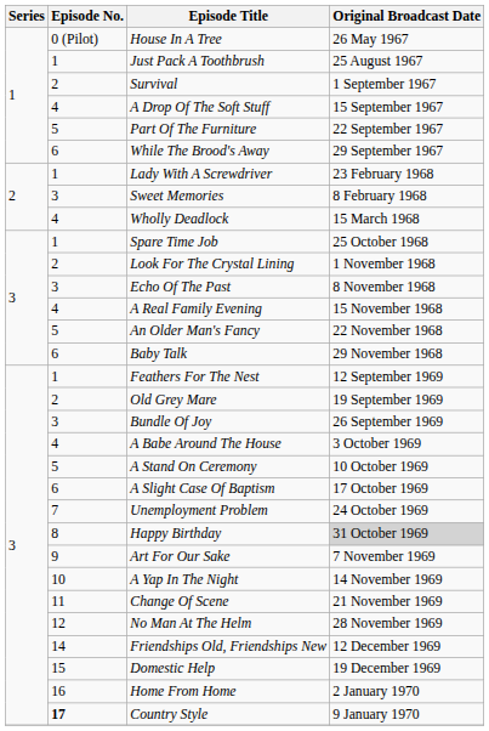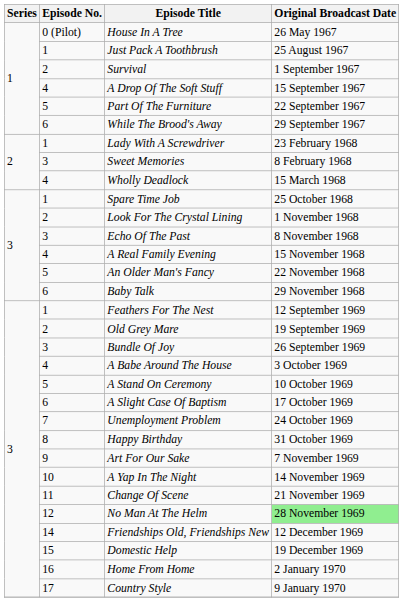 <table class="wikitable">
 <tr>
 <th>Series</th>
 <th>Episode No.</th>
 <th>Episode Title</th>
 <th>Original Broadcast Date</th>
 </tr>
 <tr>
 <td rowspan="6">1</td>
 <td>0 (Pilot)</td>
 <td><em>House In A Tree</em></td>
 <td>26 May 1967</td>
 </tr>
 <tr>
 <td>1</td>
 <td><em>Just Pack A Toothbrush</em></td>
 <td>25 August 1967</td>
 </tr>
 <tr>
 <td>2</td>
 <td><em>Survival</em></td>
 <td>1 September 1967</td>
 </tr>
 <tr>
 <td>4</td>
 <td><em>A Drop Of The Soft Stuff</em></td>
 <td>15 September 1967</td>
 </tr>
 <tr>
 <td>5</td>
 <td><em>Part Of The Furniture</em></td>
 <td>22 September 1967</td>
 </tr>
 <tr>
 <td>6</td>
 <td><em>While The Brood's Away</em></td>
 <td>29 September 1967</td>
 </tr>
 <tr>
 <td rowspan="3">2</td>
 <td>1</td>
 <td><em>Lady With A Screwdriver</em></td>
 <td>23 February 1968</td>
 </tr>
 <tr>
 <td>3</td>
 <td><em>Sweet Memories</em></td>
 <td>8 February 1968</td>
 </tr>
 <tr>
 <td>4</td>
 <td><em>Wholly Deadlock</em></td>
 <td>15 March 1968</td>
 </tr>
 <tr>
 <td rowspan="6">3</td>
 <td>1</td>
 <td><em>Spare Time Job</em></td>
 <td>25 October 1968</td>
 </tr>
 <tr>
 <td>2</td>
 <td><em>Look For The Crystal Lining</em></td>
 <td>1 November 1968</td>
 </tr>
 <tr>
 <td>3</td>
 <td><em>Echo Of The Past</em></td>
 <td>8 November 1968</td>
 </tr>
 <tr>
 <td>4</td>
 <td><em>A Real Family Evening</em></td>
 <td>15 November 1968</td>
 </tr>
 <tr>
 <td>5</td>
 <td><em>An Older Man's Fancy</em></td>
 <td>22 November 1968</td>
 </tr>
 <tr>
 <td>6</td>
 <td><em>Baby Talk</em></td>
 <td>29 November 1968</td>
 </tr>
 <tr>
 <td rowspan="16">3</td>
 <td>1</td>
 <td><em>Feathers For The Nest</em></td>
 <td>12 September 1969</td>
 </tr>
 <tr>
 <td>2</td>
 <td><em>Old Grey Mare</em></td>
 <td>19 September 1969</td>
 </tr>
 <tr>
 <td>3</td>
 <td><em>Bundle Of Joy</em></td>
 <td>26 September 1969</td>
 </tr>
 <tr>
 <td>4</td>
 <td><em>A Babe Around The House</em></td>
 <td>3 October 1969</td>
 </tr>
 <tr>
 <td>5</td>
 <td><em>A Stand On Ceremony</em></td>
 <td>10 October 1969</td>
 </tr>
 <tr>
 <td>6</td>
 <td><em>A Slight Case Of Baptism</em></td>
 <td>17 October 1969</td>
 </tr>
 <tr>
 <td>7</td>
 <td><em>Unemployment Problem</em></td>
 <td>24 October 1969</td>
 </tr>
 <tr>
 <td>8</td>
 <td><em>Happy Birthday </em></td>
-<td style="background: lightgrey;">31 October 1969</td>
+<td>31 October 1969</td>
 </tr>
 <tr>
 <td>9</td>
 <td><em>Art For Our Sake</em></td>
 <td>7 November 1969</td>
 </tr>
 <tr>
 <td>10</td>
 <td><em>A Yap In The Night</em></td>
 <td>14 November 1969</td>
 </tr>
 <tr>
 <td>11</td>
 <td><em>Change Of Scene</em></td>
 <td>21 November 1969</td>
 </tr>
 <tr>
 <td>12</td>
 <td><em>No Man At The Helm</em></td>
-<td>28 November 1969</td>
+<td style="background: lightgreen;">28 November 1969</td>
 </tr>
 <tr>
 <td>14</td>
 <td><em>Friendships Old, Friendships New</em></td>
 <td>12 December 1969</td>
 </tr>
 <tr>
 <td>15</td>
 <td><em>Domestic Help</em></td>
 <td>19 December 1969</td>
 </tr>
 <tr>
 <td>16</td>
 <td><em>Home From Home</em></td>
 <td>2 January 1970</td>
 </tr>
 <tr>
-<td><strong>17</strong></td>
+<td>17</td>
 <td><em>Country Style</em></td>
 <td>9 January 1970</td>
 </tr>
 <tr>
 </tr>
 </table>
